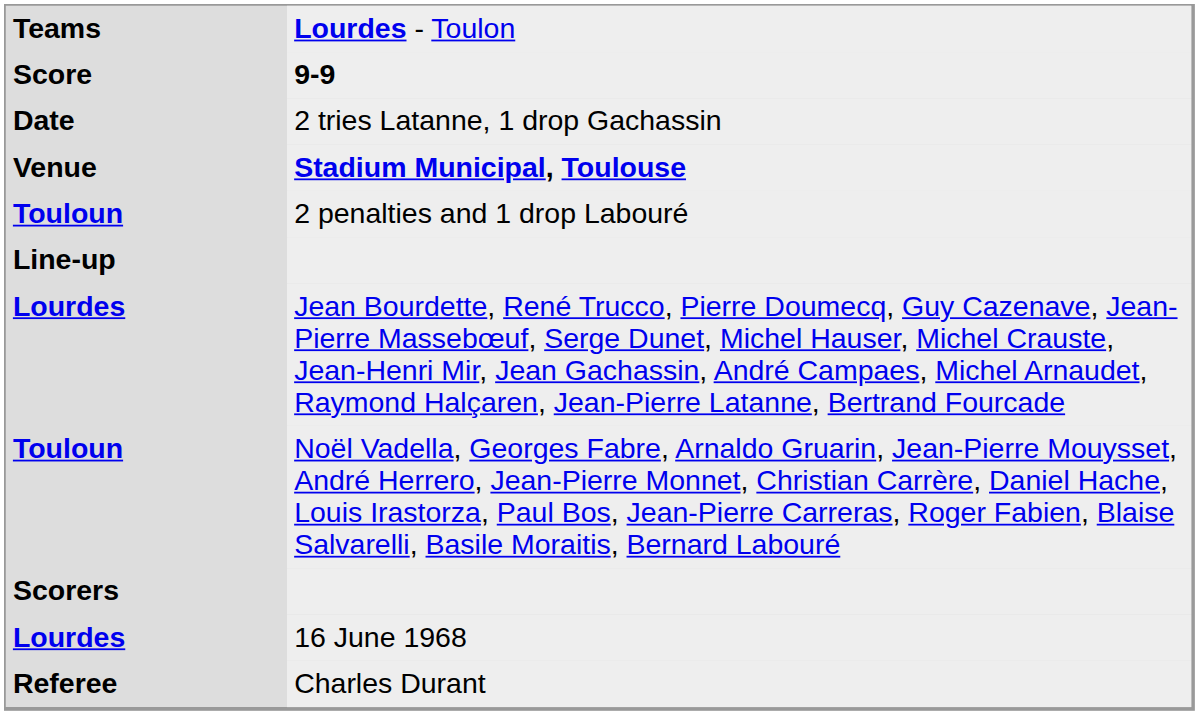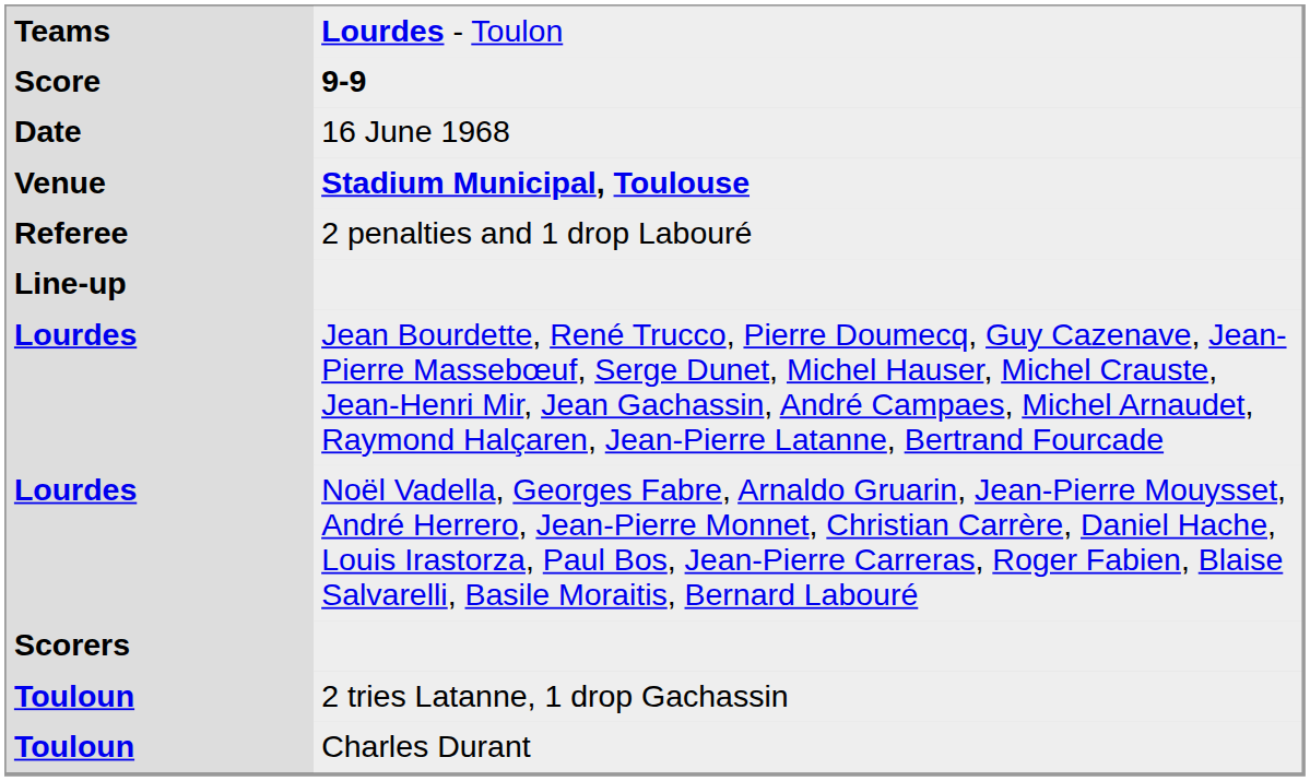 <table align="left" cellpadding="4" cellspacing="0"  style="margin: 0 0 0 0; border: 1px solid #999; border-right-width: 2px; border-bottom-width: 2px; background-color: #DDDDDD">
 <tr>
 <td width="150" valign="top"><strong>Teams</strong></td>
 <td width="500" bgcolor=#EEEEEE><strong><a href='#'>Lourdes</a></strong> - <a href='#'>Toulon</a></td>
 </tr>
 <tr>
 <td valign="top"><strong>Score</strong></td>
 <td bgcolor=#EEEEEE><strong>9-9</strong></td>
 </tr>
 <tr>
 <td valign="top"><strong>Date</strong></td>
-<td bgcolor=#EEEEEE>2 tries Latanne, 1 drop Gachassin</td>
+<td bgcolor=#EEEEEE>16 June 1968</td>
 </tr>
 <tr>
 <td valign="top"><strong>Venue</strong></td>
 <td bgcolor=#EEEEEE><strong><a href='#'>Stadium Municipal</a>, <a href='#'>Toulouse</a></strong></td>
 </tr>
 <tr>
-<td valign="top"><strong><a href='#'>Touloun</a></strong></td>
+<td valign="top"><strong>Referee</strong></td>
 <td bgcolor=#EEEEEE>2 penalties and 1 drop Labouré</td>
 </tr>
 <tr>
 <td valign="top"><strong>Line-up</strong></td>
 <td bgcolor=#EEEEEE></td>
 </tr>
 <tr>
 <td valign="top"><strong> <a href='#'>Lourdes</a> </strong></td>
 <td bgcolor=#EEEEEE><a href='#'>Jean Bourdette</a>, <a href='#'>René Trucco</a>, <a href='#'>Pierre Doumecq</a>, <a href='#'>Guy Cazenave</a>, <a href='#'>Jean-Pierre Massebœuf</a>, <a href='#'>Serge Dunet</a>, <a href='#'>Michel Hauser</a>, <a href='#'>Michel Crauste</a>, <a href='#'>Jean-Henri Mir</a>, <a href='#'>Jean Gachassin</a>, <a href='#'>André Campaes</a>, <a href='#'>Michel Arnaudet</a>, <a href='#'>Raymond Halçaren</a>, <a href='#'>Jean-Pierre Latanne</a>, <a href='#'>Bertrand Fourcade</a></td>
 </tr>
 <tr>
-<td valign="top"><strong><a href='#'>Touloun</a></strong></td>
+<td valign="top"><strong> <a href='#'>Lourdes</a> </strong></td>
 <td bgcolor=#EEEEEE><a href='#'>Noël Vadella</a>, <a href='#'>Georges Fabre</a>, <a href='#'>Arnaldo Gruarin</a>, <a href='#'>Jean-Pierre Mouysset</a>, <a href='#'>André Herrero</a>, <a href='#'>Jean-Pierre Monnet</a>, <a href='#'>Christian Carrère</a>, <a href='#'>Daniel Hache</a>, <a href='#'>Louis Irastorza</a>, <a href='#'>Paul Bos</a>, <a href='#'>Jean-Pierre Carreras</a>, <a href='#'>Roger Fabien</a>, <a href='#'>Blaise Salvarelli</a>, <a href='#'>Basile Moraitis</a>, <a href='#'>Bernard Labouré</a></td>
 </tr>
 <tr>
 <td valign="top"><strong>Scorers</strong></td>
 <td bgcolor=#EEEEEE></td>
 </tr>
 <tr>
-<td valign="top"><strong> <a href='#'>Lourdes</a> </strong></td>
-<td bgcolor=#EEEEEE>16 June 1968</td>
+<td valign="top"><strong><a href='#'>Touloun</a></strong></td>
+<td bgcolor=#EEEEEE>2 tries Latanne, 1 drop Gachassin</td>
 </tr>
 <tr>
-<td valign="top"><strong>Referee</strong></td>
+<td valign="top"><strong><a href='#'>Touloun</a></strong></td>
 <td bgcolor=#EEEEEE>Charles Durant</td>
 </tr>
 </table>
